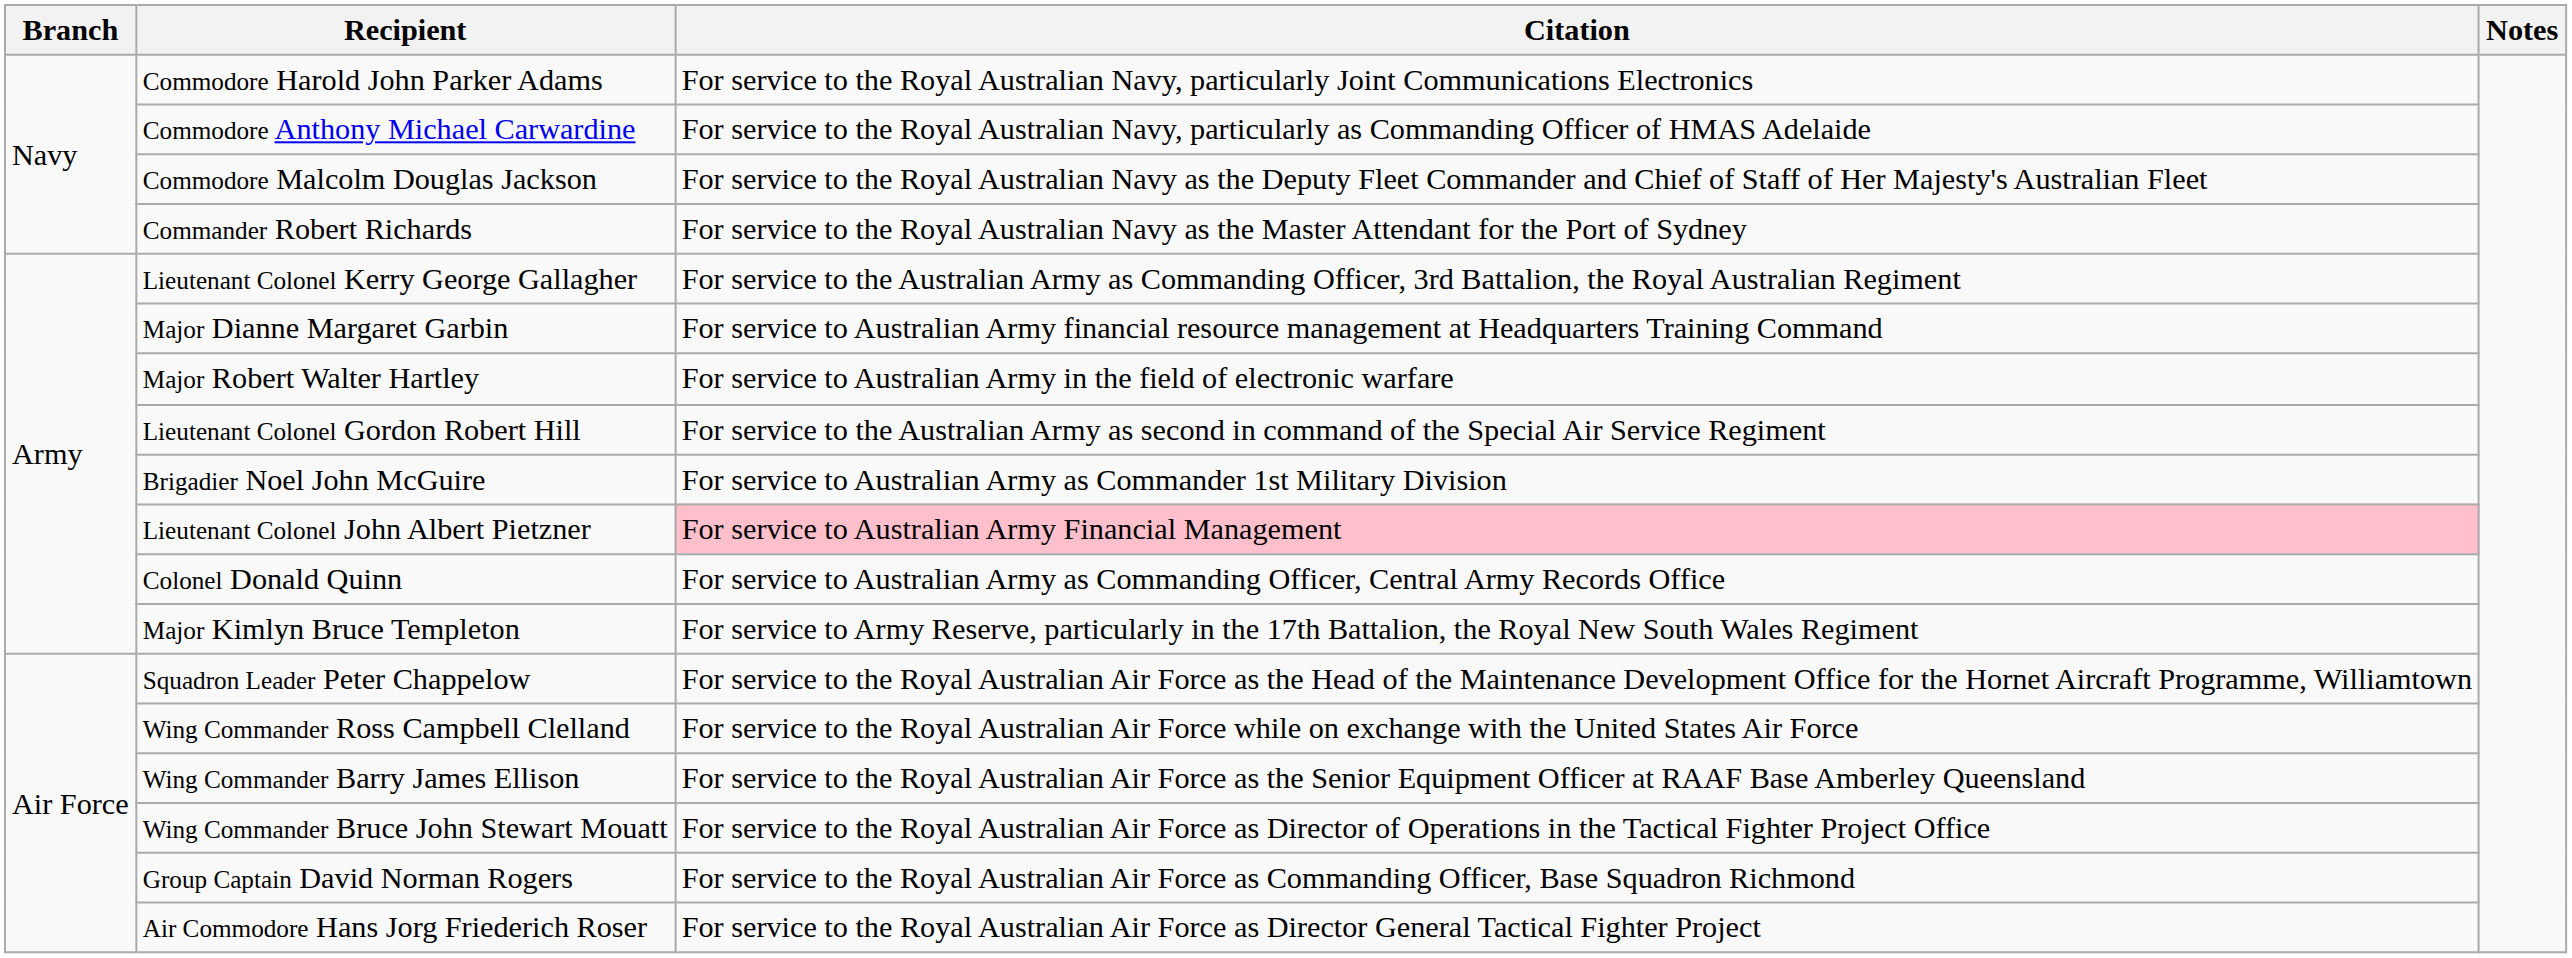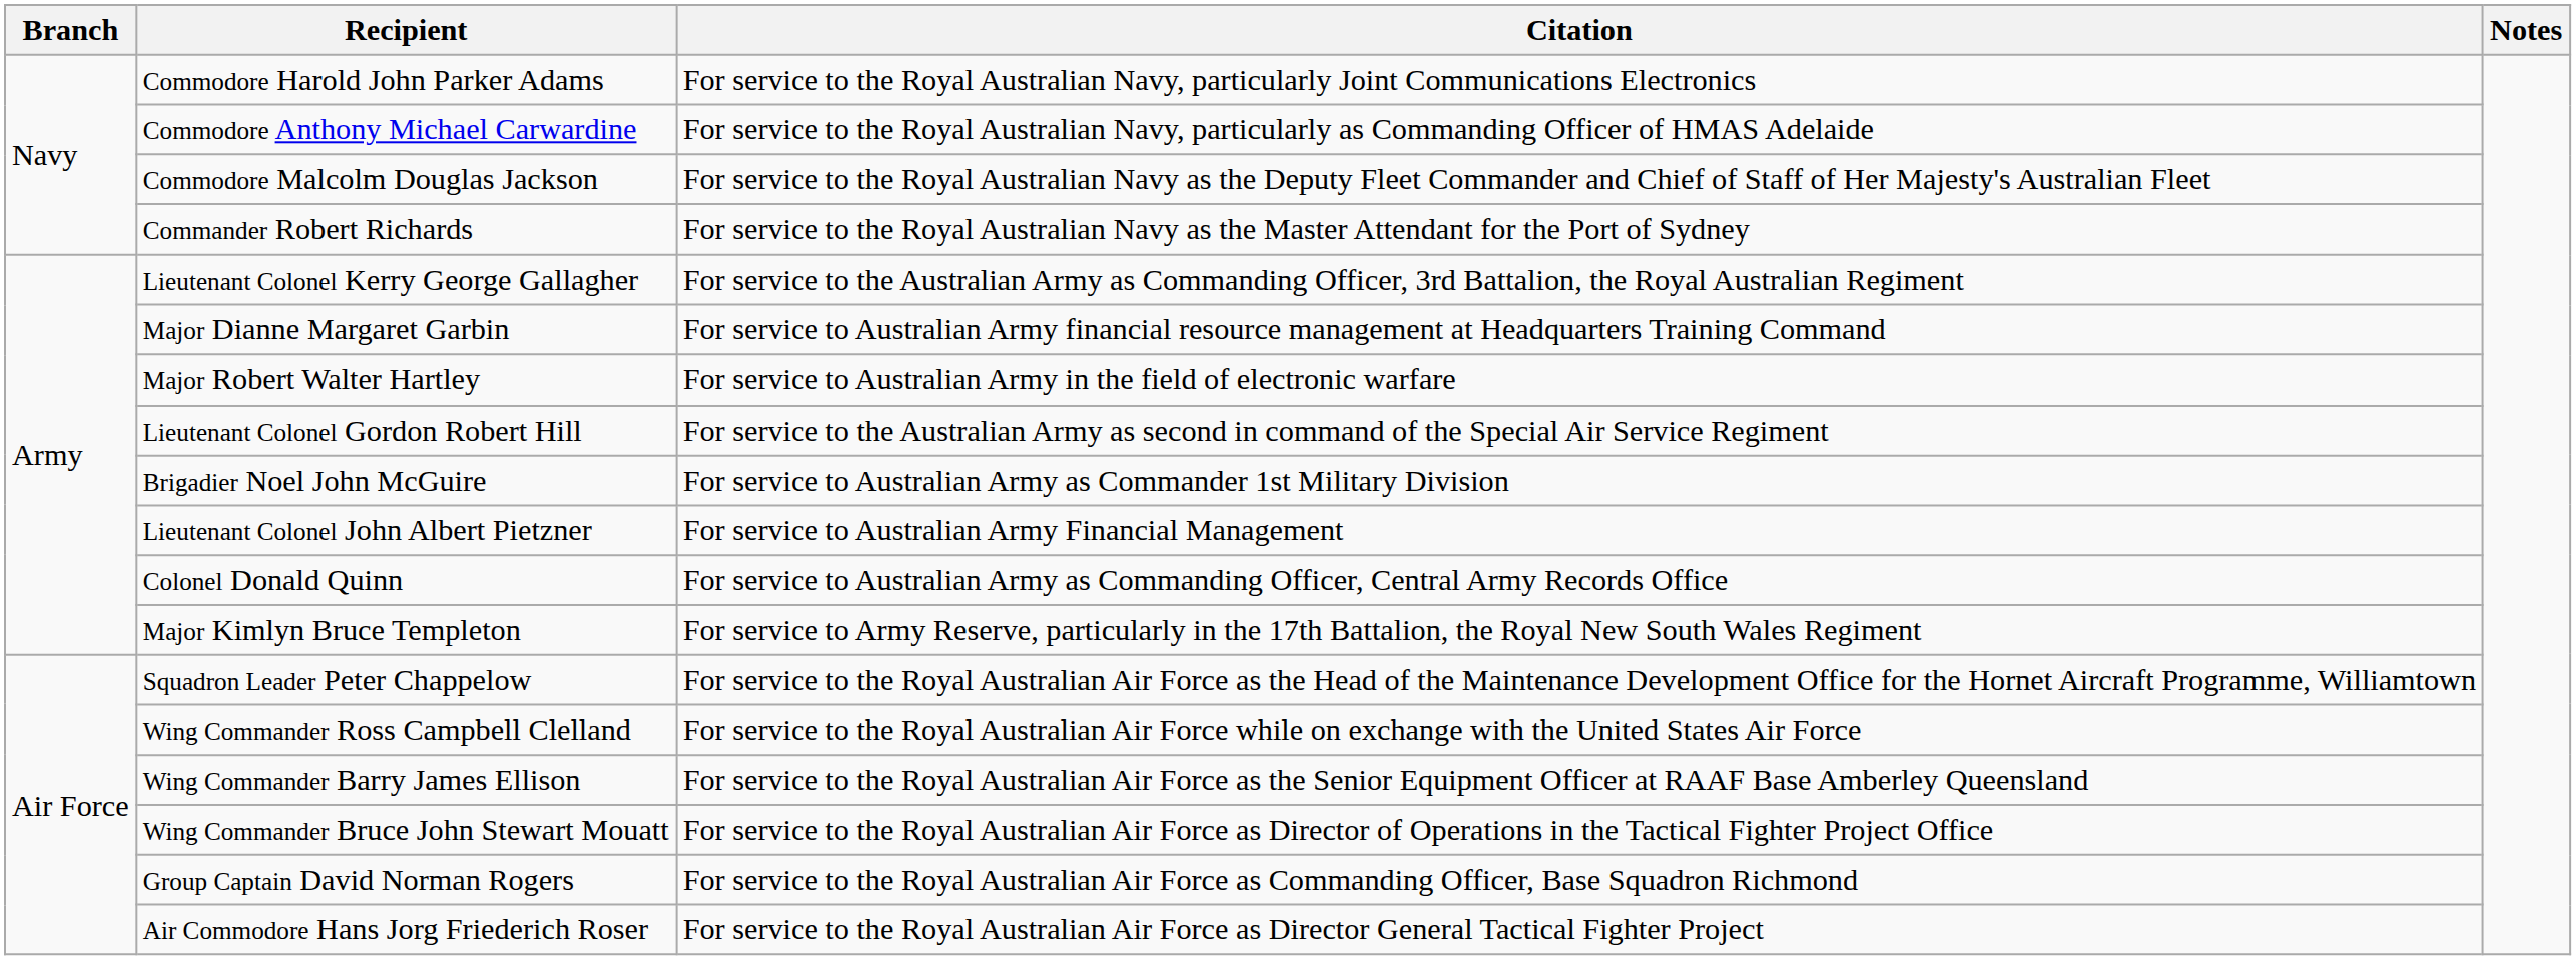 <table class="wikitable" style="font-size:95%;">
 <tr>
 <th>Branch</th>
 <th>Recipient</th>
 <th>Citation</th>
 <th>Notes</th>
 </tr>
 <tr>
 <td rowspan="4">Navy</td>
 <td><small>Commodore</small> Harold John Parker Adams</td>
 <td>For service to the Royal Australian Navy, particularly Joint Communications Electronics</td>
 <td rowspan="18"></td>
 </tr>
 <tr>
 <td><small>Commodore</small> <a href='#'>Anthony Michael Carwardine</a></td>
 <td>For service to the Royal Australian Navy, particularly as Commanding Officer of HMAS Adelaide</td>
 </tr>
 <tr>
 <td><small>Commodore</small> Malcolm Douglas Jackson</td>
 <td>For service to the Royal Australian Navy as the Deputy Fleet Commander and Chief of Staff of Her Majesty's Australian Fleet</td>
 </tr>
 <tr>
 <td><small>Commander</small> Robert Richards</td>
 <td>For service to the Royal Australian Navy as the Master Attendant for the Port of Sydney</td>
 </tr>
 <tr>
 <td rowspan="8">Army</td>
 <td><small>Lieutenant Colonel</small> Kerry George Gallagher</td>
 <td>For service to the Australian Army as Commanding Officer, 3rd Battalion, the Royal Australian Regiment</td>
 </tr>
 <tr>
 <td><small>Major</small> Dianne Margaret Garbin</td>
 <td>For service to Australian Army financial resource management at Headquarters Training Command</td>
 </tr>
 <tr>
 <td><small>Major</small> Robert Walter Hartley</td>
 <td>For service to Australian Army in the field of electronic warfare</td>
 </tr>
 <tr>
 <td><small>Lieutenant Colonel</small> Gordon Robert Hill</td>
 <td>For service to the Australian Army as second in command of the Special Air Service Regiment</td>
 </tr>
 <tr>
 <td><small>Brigadier</small> Noel John McGuire</td>
 <td>For service to Australian Army as Commander 1st Military Division</td>
 </tr>
 <tr>
 <td><small>Lieutenant Colonel</small> John Albert Pietzner</td>
-<td style="background: pink;">For service to Australian Army Financial Management</td>
+<td>For service to Australian Army Financial Management</td>
 </tr>
 <tr>
 <td><small>Colonel</small> Donald Quinn</td>
 <td>For service to Australian Army as Commanding Officer, Central Army Records Office</td>
 </tr>
 <tr>
 <td><small>Major</small> Kimlyn Bruce Templeton</td>
 <td>For service to Army Reserve, particularly in the 17th Battalion, the Royal New South Wales Regiment</td>
 </tr>
 <tr>
 <td rowspan="6">Air Force</td>
 <td><small>Squadron Leader</small> Peter Chappelow</td>
 <td>For service to the Royal Australian Air Force as the Head of the Maintenance Development Office for the Hornet Aircraft Programme, Williamtown</td>
 </tr>
 <tr>
 <td><small>Wing Commander</small> Ross Campbell Clelland</td>
 <td>For service to the Royal Australian Air Force while on exchange with the United States Air Force</td>
 </tr>
 <tr>
 <td><small>Wing Commander</small> Barry James Ellison</td>
 <td>For service to the Royal Australian Air Force as the Senior Equipment Officer at RAAF Base Amberley Queensland</td>
 </tr>
 <tr>
 <td><small>Wing Commander</small> Bruce John Stewart Mouatt</td>
 <td>For service to the Royal Australian Air Force as Director of Operations in the Tactical Fighter Project Office</td>
 </tr>
 <tr>
 <td><small>Group Captain</small> David Norman Rogers</td>
 <td>For service to the Royal Australian Air Force as Commanding Officer, Base Squadron Richmond</td>
 </tr>
 <tr>
 <td><small>Air Commodore</small> Hans Jorg Friederich Roser</td>
 <td>For service to the Royal Australian Air Force as Director General Tactical Fighter Project</td>
 </tr>
 </table>
